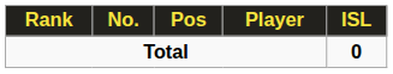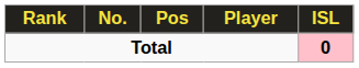 <table class="wikitable" style="text-align: center;width:50%;">
 <tr>
 <th style="background:#22211D; color:#F7E33F">Rank</th>
 <th style="background:#22211D; color:#F7E33F">No.</th>
 <th style="background:#22211D; color:#F7E33F">Pos</th>
 <th style="background:#22211D; color:#F7E33F">Player</th>
 <th style="background:#22211D; color:#F7E33F">ISL</th>
 </tr>
 <tr>
 <td colspan="4"><strong>Total</strong></td>
-<td><strong>0</strong></td>
+<td style="background: pink;"><strong>0</strong></td>
 </tr>
 </table>
